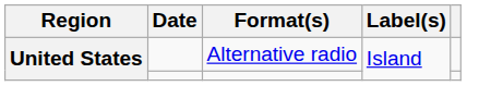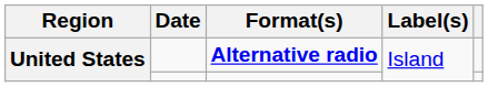 <table class="wikitable plainrowheaders" style="text-align:left">
 <tr>
 <th scope="col">Region</th>
 <th scope="col">Date</th>
 <th scope="col">Format(s)</th>
 <th scope="col">Label(s)</th>
 <th scope="col"></th>
 </tr>
 <tr>
 <th scope="row" rowspan="2">United States</th>
 <td></td>
-<td><a href='#'>Alternative radio</a></td>
+<td><strong><a href='#'>Alternative radio</a></strong></td>
 <td rowspan="2"><a href='#'>Island</a></td>
 <td align="center"></td>
 </tr>
 <tr>
 <td></td>
 <td></td>
 <td align="center"></td>
 </tr>
 </table>
